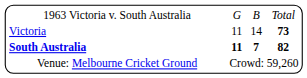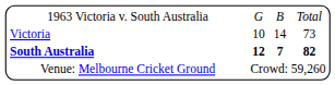 <table style="margin-right:4px; margin-top:8px; float:right; border:1px #000 solid; border-radius:8px; background:#fff; font-family:Verdana; font-size:8pt; text-align:center;">
 <tr>
 <td width=200>1963 Victoria v. South Australia</td>
 <td><em>G</em></td>
 <td><em>B</em></td>
 <td><em>Total</em></td>
 </tr>
 <tr>
 <td style="text-align:left"><a href='#'>Victoria</a></td>
-<td>11</td>
+<td>10</td>
 <td>14</td>
-<td><strong>73</strong></td>
+<td>73</td>
 </tr>
 <tr>
 <td style="text-align:left"><strong><a href='#'>South Australia</a></strong></td>
-<td><strong>11</strong></td>
+<td><strong>12</strong></td>
 <td><strong>7</strong></td>
 <td><strong>82</strong></td>
 </tr>
 <tr>
 <td>Venue: <a href='#'>Melbourne Cricket Ground</a></td>
 <td colspan=3>Crowd: 59,260</td>
 </tr>
 </table>
